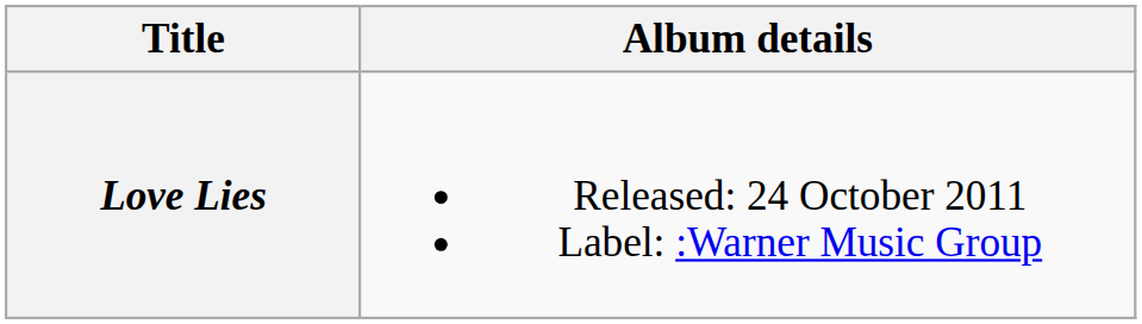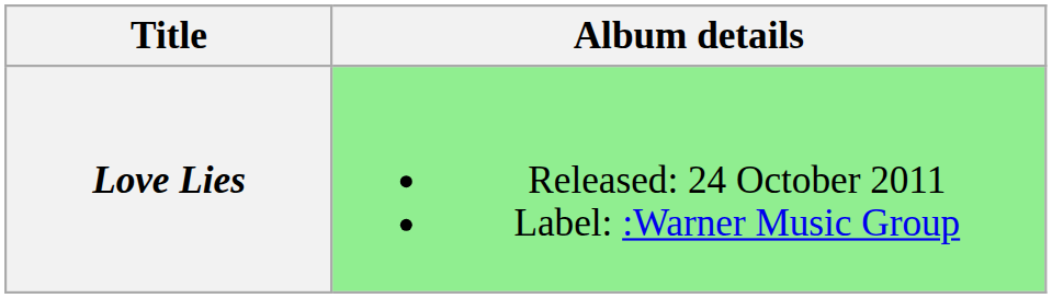 <table class="wikitable plainrowheaders" style="text-align:center;">
 <tr>
 <th scope="col" style="width:8em;">Title</th>
 <th scope="col" style="width:18em;">Album details</th>
 </tr>
 <tr>
 <th scope="row"><em>Love Lies</em></th>
-<td><br><ul><li>Released:  24 October 2011</li><li>Label: <a href='#'>:Warner Music Group</a></li></ul></td>
+<td style="background: lightgreen;"><br><ul><li>Released:  24 October 2011</li><li>Label: <a href='#'>:Warner Music Group</a></li></ul></td>
 </tr>
 </table>
